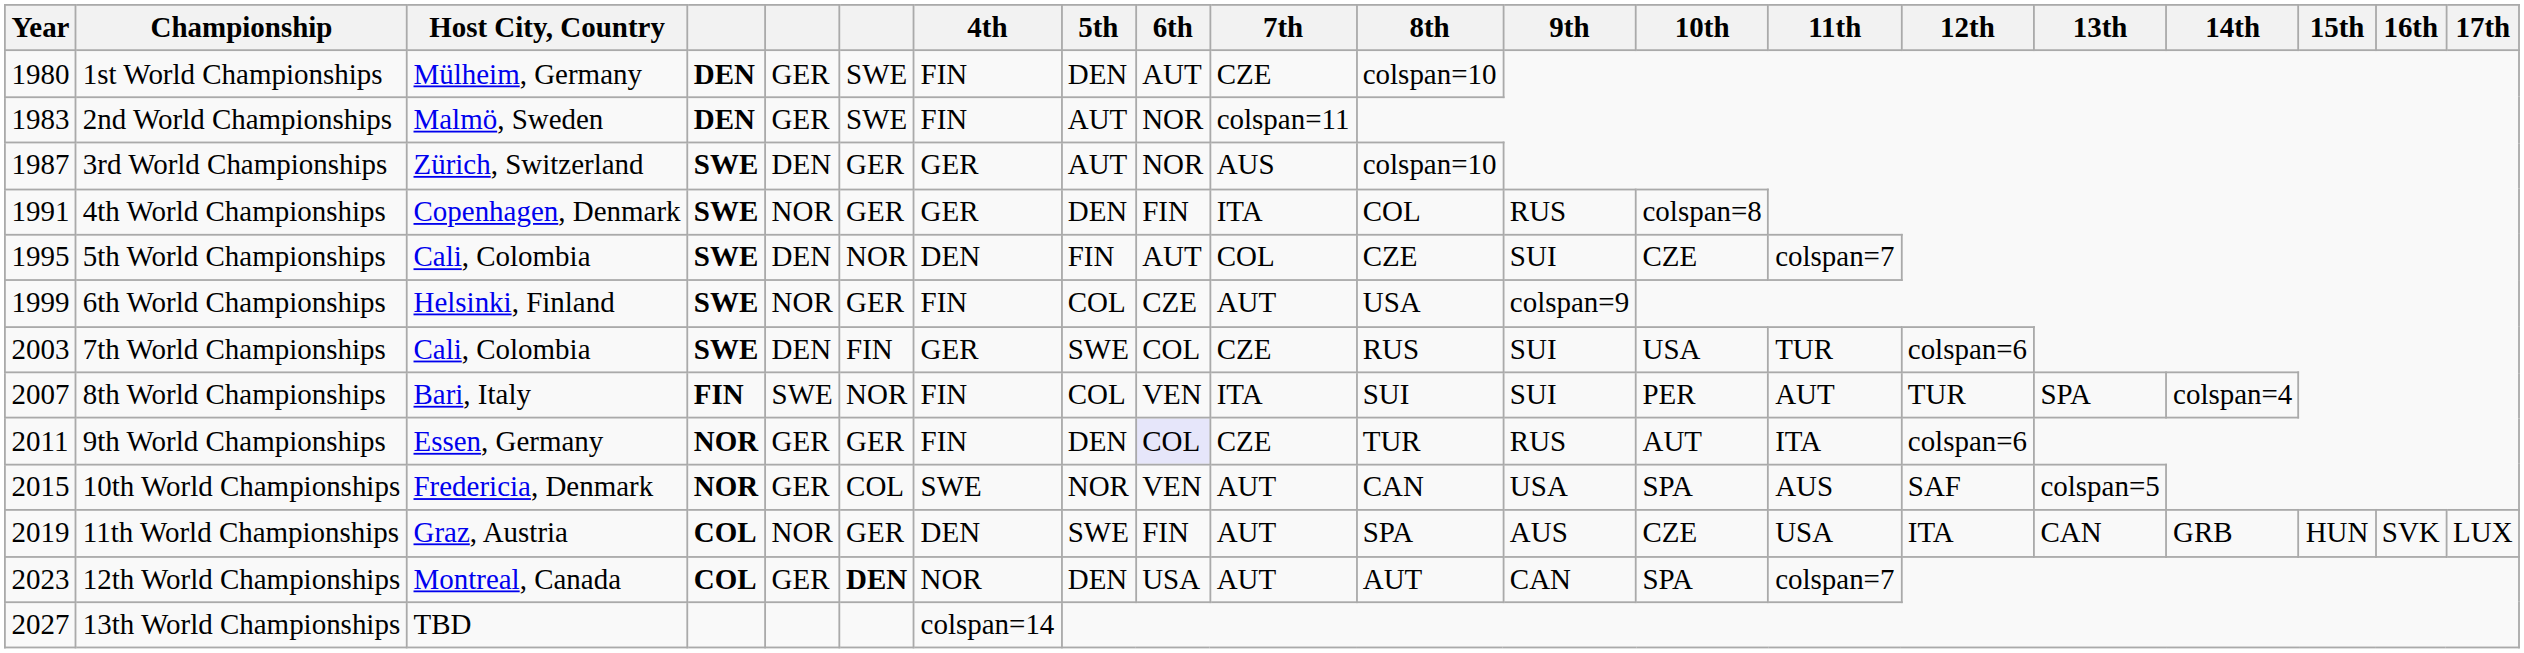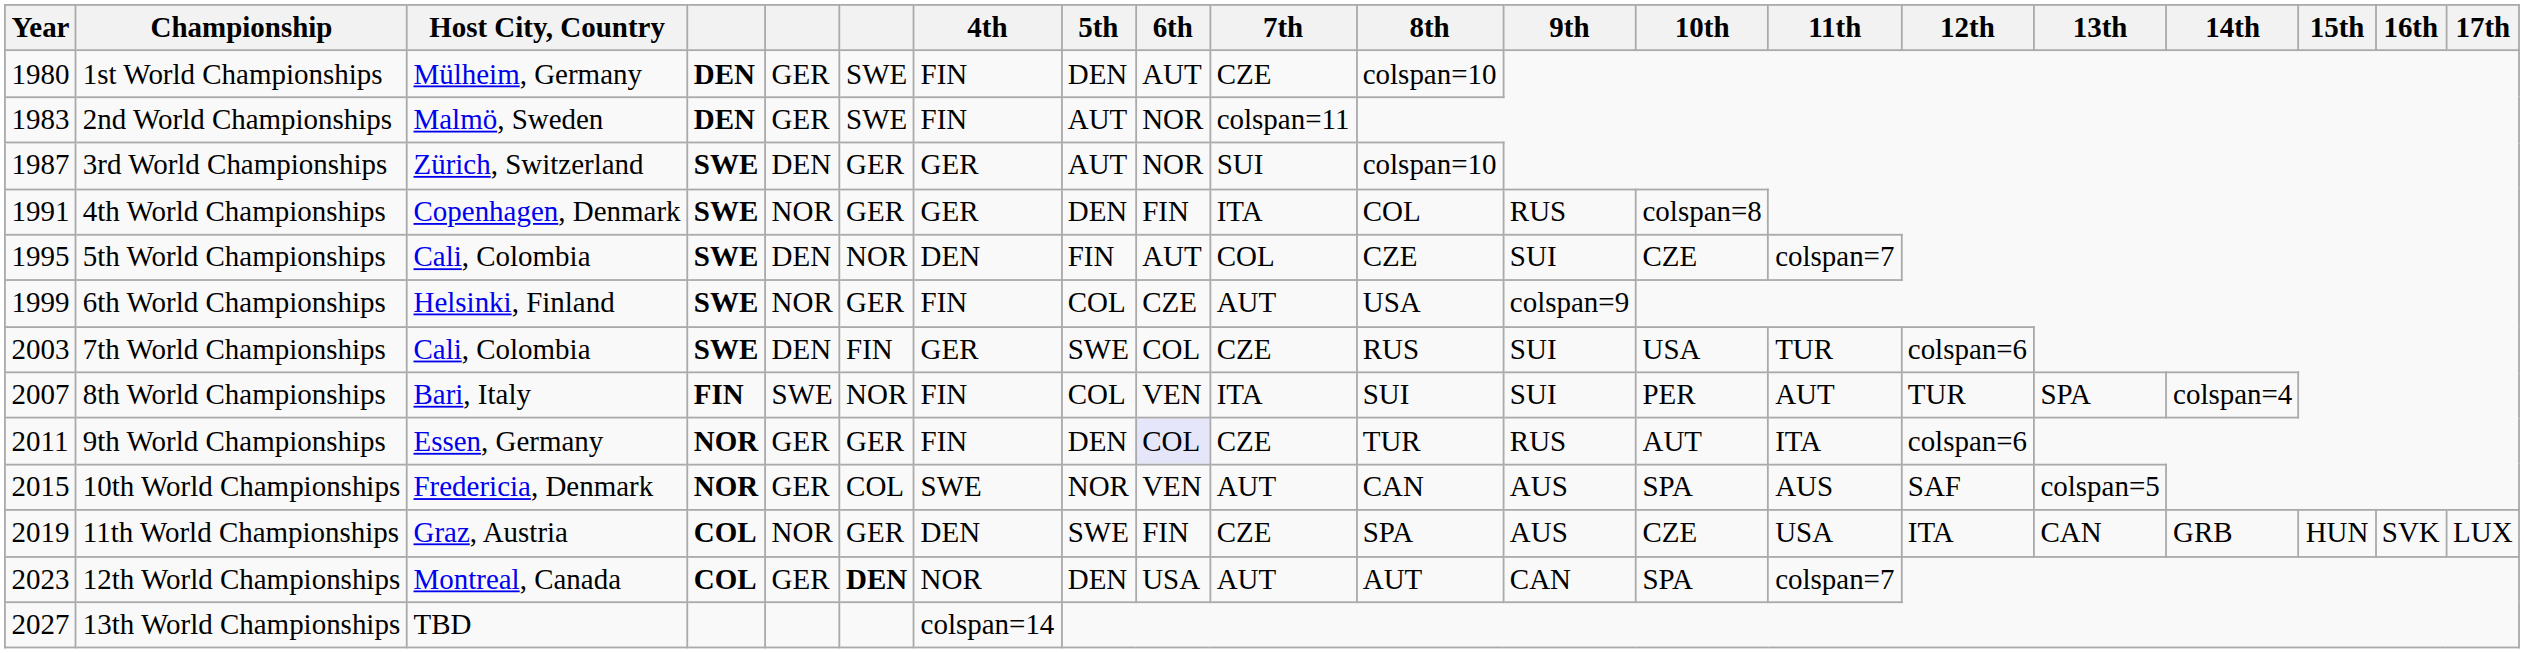 <table class="wikitable">
 <tr>
 <th>Year</th>
 <th>Championship</th>
 <th>Host City, Country </th>
 <th></th>
 <th></th>
 <th></th>
 <th>4th</th>
 <th>5th</th>
 <th>6th</th>
 <th>7th</th>
 <th>8th</th>
 <th>9th</th>
 <th>10th</th>
 <th>11th</th>
 <th>12th</th>
 <th>13th</th>
 <th>14th</th>
 <th>15th</th>
 <th>16th</th>
 <th>17th</th>
 </tr>
 <tr>
 <td>1980</td>
 <td>1st World Championships</td>
 <td> <a href='#'>Mülheim</a>,  Germany</td>
 <td>  <strong>DEN</strong></td>
 <td>  GER</td>
 <td>  SWE</td>
 <td> FIN</td>
 <td> DEN</td>
 <td> AUT</td>
 <td> CZE</td>
 <td>colspan=10 </td>
 </tr>
 <tr>
 <td>1983</td>
 <td>2nd World Championships </td>
 <td> <a href='#'>Malmö</a>, Sweden</td>
 <td>  <strong>DEN</strong></td>
 <td>  GER</td>
 <td>  SWE</td>
 <td> FIN</td>
 <td> AUT</td>
 <td> NOR</td>
 <td>colspan=11 </td>
 </tr>
 <tr>
 <td>1987</td>
 <td>3rd World Championships</td>
 <td> <a href='#'>Zürich</a>, Switzerland</td>
 <td>  <strong>SWE</strong></td>
 <td>  DEN</td>
 <td>  GER</td>
 <td> GER</td>
 <td> AUT</td>
 <td> NOR</td>
-<td> AUS</td>
+<td> SUI</td>
 <td>colspan=10 </td>
 </tr>
 <tr>
 <td>1991</td>
 <td>4th World Championships</td>
 <td> <a href='#'>Copenhagen</a>, Denmark</td>
 <td>  <strong>SWE</strong></td>
 <td>  NOR</td>
 <td>  GER</td>
 <td> GER</td>
 <td> DEN</td>
 <td> FIN</td>
 <td> ITA</td>
 <td> COL</td>
 <td> RUS</td>
 <td>colspan=8 </td>
 </tr>
 <tr>
 <td>1995</td>
 <td>5th World Championships</td>
 <td> <a href='#'>Cali</a>, Colombia</td>
 <td>  <strong>SWE</strong></td>
 <td>  DEN</td>
 <td>  NOR</td>
 <td> DEN</td>
 <td> FIN</td>
 <td> AUT</td>
 <td> COL</td>
 <td> CZE</td>
 <td> SUI</td>
 <td> CZE</td>
 <td>colspan=7 </td>
 </tr>
 <tr>
 <td>1999</td>
 <td>6th World Championships </td>
 <td> <a href='#'>Helsinki</a>, Finland</td>
 <td>  <strong>SWE</strong></td>
 <td>  NOR</td>
 <td>  GER</td>
 <td> FIN</td>
 <td> COL</td>
 <td> CZE</td>
 <td> AUT</td>
 <td> USA</td>
 <td>colspan=9 </td>
 </tr>
 <tr>
 <td>2003</td>
 <td>7th World Championships </td>
 <td> <a href='#'>Cali</a>, Colombia</td>
 <td>  <strong>SWE</strong></td>
 <td>  DEN</td>
 <td>  FIN</td>
 <td> GER</td>
 <td> SWE</td>
 <td> COL</td>
 <td> CZE</td>
 <td> RUS</td>
 <td> SUI</td>
 <td> USA</td>
 <td> TUR</td>
 <td>colspan=6 </td>
 </tr>
 <tr>
 <td>2007</td>
 <td>8th World Championships</td>
 <td> <a href='#'>Bari</a>, Italy</td>
 <td>  <strong>FIN</strong></td>
 <td>  SWE</td>
 <td>  NOR</td>
 <td> FIN</td>
 <td> COL</td>
 <td> VEN</td>
 <td> ITA</td>
 <td> SUI</td>
 <td> SUI</td>
 <td> PER</td>
 <td> AUT</td>
 <td> TUR</td>
 <td> SPA</td>
 <td>colspan=4 </td>
 </tr>
 <tr>
 <td>2011</td>
 <td>9th World Championships </td>
 <td> <a href='#'>Essen</a>, Germany</td>
 <td>  <strong>NOR</strong></td>
 <td>  GER</td>
 <td>  GER</td>
 <td> FIN</td>
 <td> DEN</td>
 <td style="background: lavender;"> COL</td>
 <td> CZE</td>
 <td> TUR</td>
 <td> RUS</td>
 <td> AUT</td>
 <td> ITA</td>
 <td>colspan=6 </td>
 </tr>
 <tr>
 <td>2015</td>
 <td>10th World Championships </td>
 <td> <a href='#'>Fredericia</a>, Denmark</td>
 <td>  <strong>NOR</strong></td>
 <td>  GER</td>
 <td>  COL</td>
 <td> SWE</td>
 <td> NOR</td>
 <td> VEN</td>
 <td> AUT</td>
 <td> CAN</td>
-<td> USA</td>
+<td> AUS</td>
 <td> SPA</td>
 <td> AUS</td>
 <td> SAF</td>
 <td>colspan=5 </td>
 </tr>
 <tr>
 <td>2019</td>
 <td>11th World Championships </td>
 <td> <a href='#'>Graz</a>, Austria</td>
 <td>  <strong>COL</strong></td>
 <td>  NOR</td>
 <td>  GER</td>
 <td> DEN</td>
 <td> SWE</td>
 <td> FIN</td>
-<td> AUT</td>
+<td> CZE</td>
 <td> SPA</td>
 <td> AUS</td>
 <td> CZE</td>
 <td> USA</td>
 <td> ITA</td>
 <td> CAN</td>
 <td> GRB</td>
 <td> HUN</td>
 <td> SVK</td>
 <td> LUX</td>
 </tr>
 <tr>
 <td>2023</td>
 <td>12th World Championships</td>
 <td> <a href='#'>Montreal</a>, Canada</td>
 <td>  <strong>COL</strong></td>
 <td>  GER</td>
 <td><strong>  DEN</strong></td>
 <td> NOR</td>
 <td> DEN</td>
 <td> USA</td>
 <td> AUT</td>
 <td> AUT</td>
 <td> CAN</td>
 <td> SPA</td>
 <td>colspan=7 </td>
 </tr>
 <tr>
 <td>2027</td>
 <td>13th World Championships</td>
 <td>TBD</td>
 <td></td>
 <td></td>
 <td></td>
 <td>colspan=14 </td>
 </tr>
 </table>
